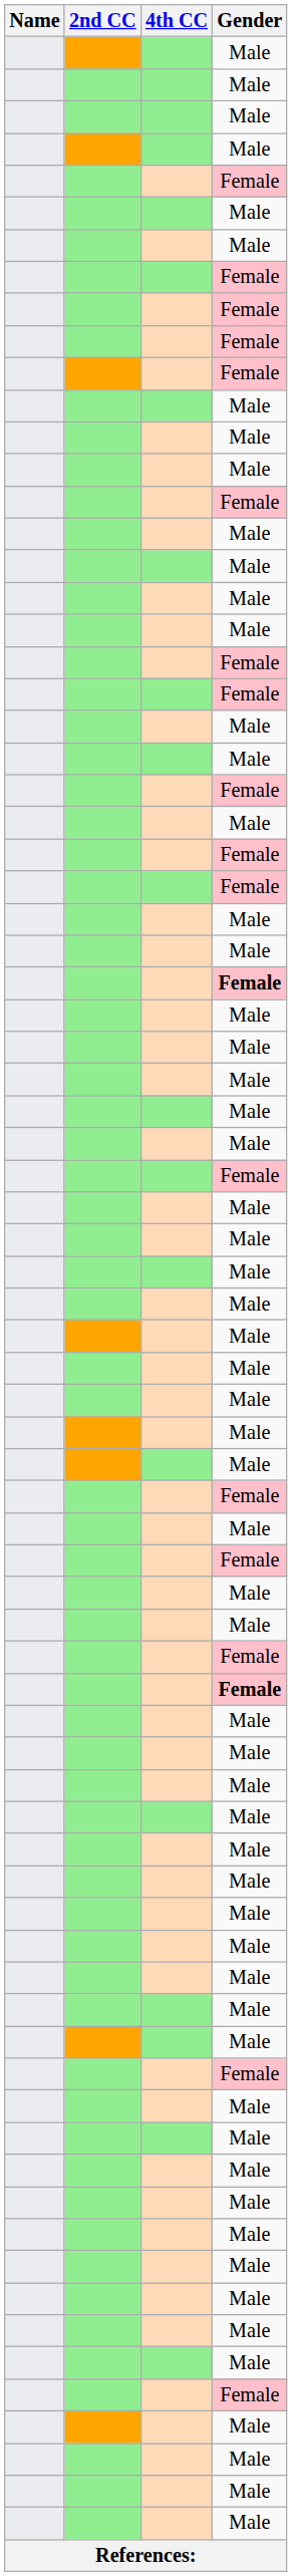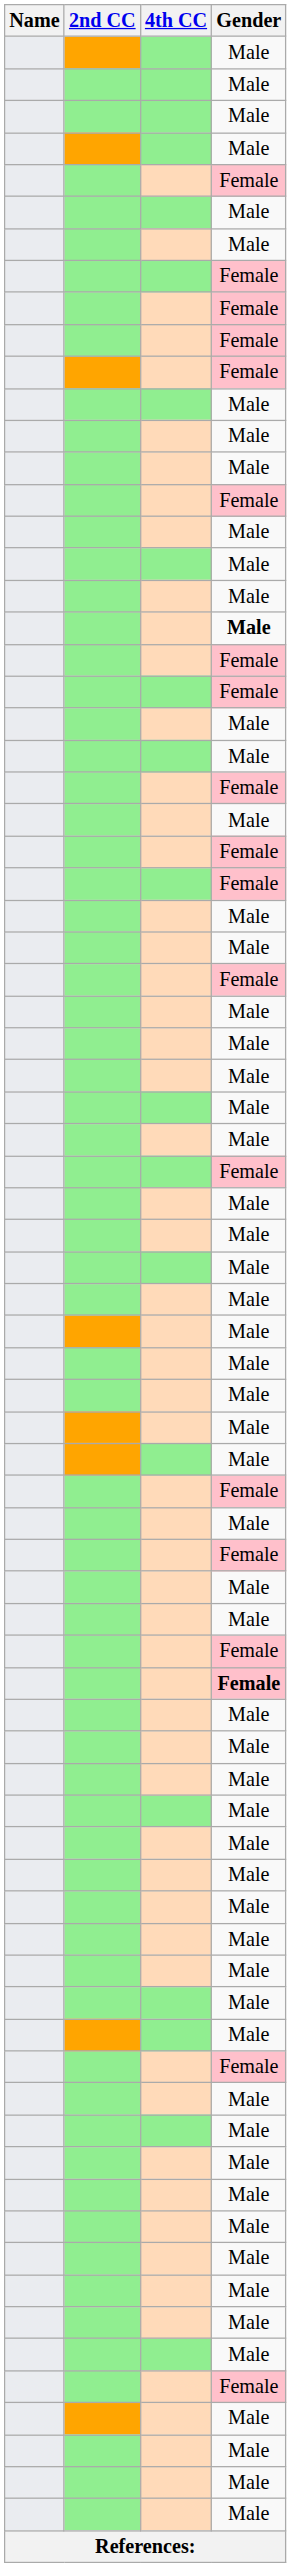 <table class="wikitable sortable" style=text-align:center>
 <tr>
 <th>Name</th>
 <th unsortable><a href='#'>2nd CC</a></th>
 <th unsortable><a href='#'>4th CC</a></th>
 <th>Gender</th>
 </tr>
 <tr>
 <td bgcolor = #EAECF0></td>
 <td bgcolor = Orange></td>
 <td bgcolor = LightGreen></td>
 <td>Male</td>
 </tr>
 <tr>
 <td bgcolor = #EAECF0></td>
 <td bgcolor = LightGreen></td>
 <td bgcolor = LightGreen></td>
 <td>Male</td>
 </tr>
 <tr>
 <td bgcolor = #EAECF0></td>
 <td bgcolor = LightGreen></td>
 <td bgcolor = LightGreen></td>
 <td>Male</td>
 </tr>
 <tr>
 <td bgcolor = #EAECF0></td>
 <td bgcolor = Orange></td>
 <td bgcolor = LightGreen></td>
 <td>Male</td>
 </tr>
 <tr>
 <td bgcolor = #EAECF0></td>
 <td bgcolor = LightGreen></td>
 <td bgcolor = PeachPuff></td>
 <td bgcolor = Pink>Female</td>
 </tr>
 <tr>
 <td bgcolor = #EAECF0></td>
 <td bgcolor = LightGreen></td>
 <td bgcolor = LightGreen></td>
 <td>Male</td>
 </tr>
 <tr>
 <td bgcolor = #EAECF0></td>
 <td bgcolor = LightGreen></td>
 <td bgcolor = PeachPuff></td>
 <td>Male</td>
 </tr>
 <tr>
 <td bgcolor = #EAECF0></td>
 <td bgcolor = LightGreen></td>
 <td bgcolor = LightGreen></td>
 <td bgcolor = Pink>Female</td>
 </tr>
 <tr>
 <td bgcolor = #EAECF0></td>
 <td bgcolor = LightGreen></td>
 <td bgcolor = PeachPuff></td>
 <td bgcolor = Pink>Female</td>
 </tr>
 <tr>
 <td bgcolor = #EAECF0></td>
 <td bgcolor = LightGreen></td>
 <td bgcolor = PeachPuff></td>
 <td bgcolor = Pink>Female</td>
 </tr>
 <tr>
 <td bgcolor = #EAECF0></td>
 <td bgcolor = Orange></td>
 <td bgcolor = PeachPuff></td>
 <td bgcolor = Pink>Female</td>
 </tr>
 <tr>
 <td bgcolor = #EAECF0></td>
 <td bgcolor = LightGreen></td>
 <td bgcolor = LightGreen></td>
 <td>Male</td>
 </tr>
 <tr>
 <td bgcolor = #EAECF0></td>
 <td bgcolor = LightGreen></td>
 <td bgcolor = PeachPuff></td>
 <td>Male</td>
 </tr>
 <tr>
 <td bgcolor = #EAECF0></td>
 <td bgcolor = LightGreen></td>
 <td bgcolor = PeachPuff></td>
 <td>Male</td>
 </tr>
 <tr>
 <td bgcolor = #EAECF0></td>
 <td bgcolor = LightGreen></td>
 <td bgcolor = PeachPuff></td>
 <td bgcolor = Pink>Female</td>
 </tr>
 <tr>
 <td bgcolor = #EAECF0></td>
 <td bgcolor = LightGreen></td>
 <td bgcolor = PeachPuff></td>
 <td>Male</td>
 </tr>
 <tr>
 <td bgcolor = #EAECF0></td>
 <td bgcolor = LightGreen></td>
 <td bgcolor = LightGreen></td>
 <td>Male</td>
 </tr>
 <tr>
 <td bgcolor = #EAECF0></td>
 <td bgcolor = LightGreen></td>
 <td bgcolor = PeachPuff></td>
 <td>Male</td>
 </tr>
 <tr>
 <td bgcolor = #EAECF0></td>
 <td bgcolor = LightGreen></td>
 <td bgcolor = PeachPuff></td>
-<td>Male</td>
+<td><strong>Male</strong></td>
 </tr>
 <tr>
 <td bgcolor = #EAECF0></td>
 <td bgcolor = LightGreen></td>
 <td bgcolor = PeachPuff></td>
 <td bgcolor = Pink>Female</td>
 </tr>
 <tr>
 <td bgcolor = #EAECF0></td>
 <td bgcolor = LightGreen></td>
 <td bgcolor = LightGreen></td>
 <td bgcolor = Pink>Female</td>
 </tr>
 <tr>
 <td bgcolor = #EAECF0></td>
 <td bgcolor = LightGreen></td>
 <td bgcolor = PeachPuff></td>
 <td>Male</td>
 </tr>
 <tr>
 <td bgcolor = #EAECF0></td>
 <td bgcolor = LightGreen></td>
 <td bgcolor = LightGreen></td>
 <td>Male</td>
 </tr>
 <tr>
 <td bgcolor = #EAECF0></td>
 <td bgcolor = LightGreen></td>
 <td bgcolor = PeachPuff></td>
 <td bgcolor = Pink>Female</td>
 </tr>
 <tr>
 <td bgcolor = #EAECF0></td>
 <td bgcolor = LightGreen></td>
 <td bgcolor = PeachPuff></td>
 <td>Male</td>
 </tr>
 <tr>
 <td bgcolor = #EAECF0></td>
 <td bgcolor = LightGreen></td>
 <td bgcolor = PeachPuff></td>
 <td bgcolor = Pink>Female</td>
 </tr>
 <tr>
 <td bgcolor = #EAECF0></td>
 <td bgcolor = LightGreen></td>
 <td bgcolor = LightGreen></td>
 <td bgcolor = Pink>Female</td>
 </tr>
 <tr>
 <td bgcolor = #EAECF0></td>
 <td bgcolor = LightGreen></td>
 <td bgcolor = PeachPuff></td>
 <td>Male</td>
 </tr>
 <tr>
 <td bgcolor = #EAECF0></td>
 <td bgcolor = LightGreen></td>
 <td bgcolor = PeachPuff></td>
 <td>Male</td>
 </tr>
 <tr>
 <td bgcolor = #EAECF0></td>
 <td bgcolor = LightGreen></td>
 <td bgcolor = PeachPuff></td>
-<td bgcolor = Pink><strong>Female</strong></td>
+<td bgcolor = Pink>Female</td>
 </tr>
 <tr>
 <td bgcolor = #EAECF0></td>
 <td bgcolor = LightGreen></td>
 <td bgcolor = PeachPuff></td>
 <td>Male</td>
 </tr>
 <tr>
 <td bgcolor = #EAECF0></td>
 <td bgcolor = LightGreen></td>
 <td bgcolor = PeachPuff></td>
 <td>Male</td>
 </tr>
 <tr>
 <td bgcolor = #EAECF0></td>
 <td bgcolor = LightGreen></td>
 <td bgcolor = PeachPuff></td>
 <td>Male</td>
 </tr>
 <tr>
 <td bgcolor = #EAECF0></td>
 <td bgcolor = LightGreen></td>
 <td bgcolor = LightGreen></td>
 <td>Male</td>
 </tr>
 <tr>
 <td bgcolor = #EAECF0></td>
 <td bgcolor = LightGreen></td>
 <td bgcolor = PeachPuff></td>
 <td>Male</td>
 </tr>
 <tr>
 <td bgcolor = #EAECF0></td>
 <td bgcolor = LightGreen></td>
 <td bgcolor = LightGreen></td>
 <td bgcolor = Pink>Female</td>
 </tr>
 <tr>
 <td bgcolor = #EAECF0></td>
 <td bgcolor = LightGreen></td>
 <td bgcolor = PeachPuff></td>
 <td>Male</td>
 </tr>
 <tr>
 <td bgcolor = #EAECF0></td>
 <td bgcolor = LightGreen></td>
 <td bgcolor = PeachPuff></td>
 <td>Male</td>
 </tr>
 <tr>
 <td bgcolor = #EAECF0></td>
 <td bgcolor = LightGreen></td>
 <td bgcolor = LightGreen></td>
 <td>Male</td>
 </tr>
 <tr>
 <td bgcolor = #EAECF0></td>
 <td bgcolor = LightGreen></td>
 <td bgcolor = PeachPuff></td>
 <td>Male</td>
 </tr>
 <tr>
 <td bgcolor = #EAECF0></td>
 <td bgcolor = Orange></td>
 <td bgcolor = PeachPuff></td>
 <td>Male</td>
 </tr>
 <tr>
 <td bgcolor = #EAECF0></td>
 <td bgcolor = LightGreen></td>
 <td bgcolor = PeachPuff></td>
 <td>Male</td>
 </tr>
 <tr>
 <td bgcolor = #EAECF0></td>
 <td bgcolor = LightGreen></td>
 <td bgcolor = PeachPuff></td>
 <td>Male</td>
 </tr>
 <tr>
 <td bgcolor = #EAECF0></td>
 <td bgcolor = Orange></td>
 <td bgcolor = PeachPuff></td>
 <td>Male</td>
 </tr>
 <tr>
 <td bgcolor = #EAECF0></td>
 <td bgcolor = Orange></td>
 <td bgcolor = LightGreen></td>
 <td>Male</td>
 </tr>
 <tr>
 <td bgcolor = #EAECF0></td>
 <td bgcolor = LightGreen></td>
 <td bgcolor = PeachPuff></td>
 <td bgcolor = Pink>Female</td>
 </tr>
 <tr>
 <td bgcolor = #EAECF0></td>
 <td bgcolor = LightGreen></td>
 <td bgcolor = PeachPuff></td>
 <td>Male</td>
 </tr>
 <tr>
 <td bgcolor = #EAECF0></td>
 <td bgcolor = LightGreen></td>
 <td bgcolor = PeachPuff></td>
 <td bgcolor = Pink>Female</td>
 </tr>
 <tr>
 <td bgcolor = #EAECF0></td>
 <td bgcolor = LightGreen></td>
 <td bgcolor = PeachPuff></td>
 <td>Male</td>
 </tr>
 <tr>
 <td bgcolor = #EAECF0></td>
 <td bgcolor = LightGreen></td>
 <td bgcolor = PeachPuff></td>
 <td>Male</td>
 </tr>
 <tr>
 <td bgcolor = #EAECF0></td>
 <td bgcolor = LightGreen></td>
 <td bgcolor = PeachPuff></td>
 <td bgcolor = Pink>Female</td>
 </tr>
 <tr>
 <td bgcolor = #EAECF0></td>
 <td bgcolor = LightGreen></td>
 <td bgcolor = PeachPuff></td>
 <td bgcolor = Pink><strong>Female</strong></td>
 </tr>
 <tr>
 <td bgcolor = #EAECF0></td>
 <td bgcolor = LightGreen></td>
 <td bgcolor = PeachPuff></td>
 <td>Male</td>
 </tr>
 <tr>
 <td bgcolor = #EAECF0></td>
 <td bgcolor = LightGreen></td>
 <td bgcolor = PeachPuff></td>
 <td>Male</td>
 </tr>
 <tr>
 <td bgcolor = #EAECF0></td>
 <td bgcolor = LightGreen></td>
 <td bgcolor = PeachPuff></td>
 <td>Male</td>
 </tr>
 <tr>
 <td bgcolor = #EAECF0></td>
 <td bgcolor = LightGreen></td>
 <td bgcolor = LightGreen></td>
 <td>Male</td>
 </tr>
 <tr>
 <td bgcolor = #EAECF0></td>
 <td bgcolor = LightGreen></td>
 <td bgcolor = PeachPuff></td>
 <td>Male</td>
 </tr>
 <tr>
 <td bgcolor = #EAECF0></td>
 <td bgcolor = LightGreen></td>
 <td bgcolor = PeachPuff></td>
 <td>Male</td>
 </tr>
 <tr>
 <td bgcolor = #EAECF0></td>
 <td bgcolor = LightGreen></td>
 <td bgcolor = PeachPuff></td>
 <td>Male</td>
 </tr>
 <tr>
 <td bgcolor = #EAECF0></td>
 <td bgcolor = LightGreen></td>
 <td bgcolor = PeachPuff></td>
 <td>Male</td>
 </tr>
 <tr>
 <td bgcolor = #EAECF0></td>
 <td bgcolor = LightGreen></td>
 <td bgcolor = PeachPuff></td>
 <td>Male</td>
 </tr>
 <tr>
 <td bgcolor = #EAECF0></td>
 <td bgcolor = LightGreen></td>
 <td bgcolor = LightGreen></td>
 <td>Male</td>
 </tr>
 <tr>
 <td bgcolor = #EAECF0></td>
 <td bgcolor = Orange></td>
 <td bgcolor = LightGreen></td>
 <td>Male</td>
 </tr>
 <tr>
 <td bgcolor = #EAECF0></td>
 <td bgcolor = LightGreen></td>
 <td bgcolor = PeachPuff></td>
 <td bgcolor = Pink>Female</td>
 </tr>
 <tr>
 <td bgcolor = #EAECF0></td>
 <td bgcolor = LightGreen></td>
 <td bgcolor = PeachPuff></td>
 <td>Male</td>
 </tr>
 <tr>
 <td bgcolor = #EAECF0></td>
 <td bgcolor = LightGreen></td>
 <td bgcolor = LightGreen></td>
 <td>Male</td>
 </tr>
 <tr>
 <td bgcolor = #EAECF0></td>
 <td bgcolor = LightGreen></td>
 <td bgcolor = PeachPuff></td>
 <td>Male</td>
 </tr>
 <tr>
 <td bgcolor = #EAECF0></td>
 <td bgcolor = LightGreen></td>
 <td bgcolor = PeachPuff></td>
 <td>Male</td>
 </tr>
 <tr>
 <td bgcolor = #EAECF0></td>
 <td bgcolor = LightGreen></td>
 <td bgcolor = PeachPuff></td>
 <td>Male</td>
 </tr>
 <tr>
 <td bgcolor = #EAECF0></td>
 <td bgcolor = LightGreen></td>
 <td bgcolor = PeachPuff></td>
 <td>Male</td>
 </tr>
 <tr>
 <td bgcolor = #EAECF0></td>
 <td bgcolor = LightGreen></td>
 <td bgcolor = PeachPuff></td>
 <td>Male</td>
 </tr>
 <tr>
 <td bgcolor = #EAECF0></td>
 <td bgcolor = LightGreen></td>
 <td bgcolor = PeachPuff></td>
 <td>Male</td>
 </tr>
 <tr>
 <td bgcolor = #EAECF0></td>
 <td bgcolor = LightGreen></td>
 <td bgcolor = LightGreen></td>
 <td>Male</td>
 </tr>
 <tr>
 <td bgcolor = #EAECF0></td>
 <td bgcolor = LightGreen></td>
 <td bgcolor = PeachPuff></td>
 <td bgcolor = Pink>Female</td>
 </tr>
 <tr>
 <td bgcolor = #EAECF0></td>
 <td bgcolor = Orange></td>
 <td bgcolor = PeachPuff></td>
 <td>Male</td>
 </tr>
 <tr>
 <td bgcolor = #EAECF0></td>
 <td bgcolor = LightGreen></td>
 <td bgcolor = PeachPuff></td>
 <td>Male</td>
 </tr>
 <tr>
 <td bgcolor = #EAECF0></td>
 <td bgcolor = LightGreen></td>
 <td bgcolor = PeachPuff></td>
 <td>Male</td>
 </tr>
 <tr>
 <td bgcolor = #EAECF0></td>
 <td bgcolor = LightGreen></td>
 <td bgcolor = PeachPuff></td>
 <td>Male</td>
 </tr>
 <tr class=sortbottom>
 <th colspan = "23" align = left><strong>References:</strong><br></th>
 </tr>
 </table>
